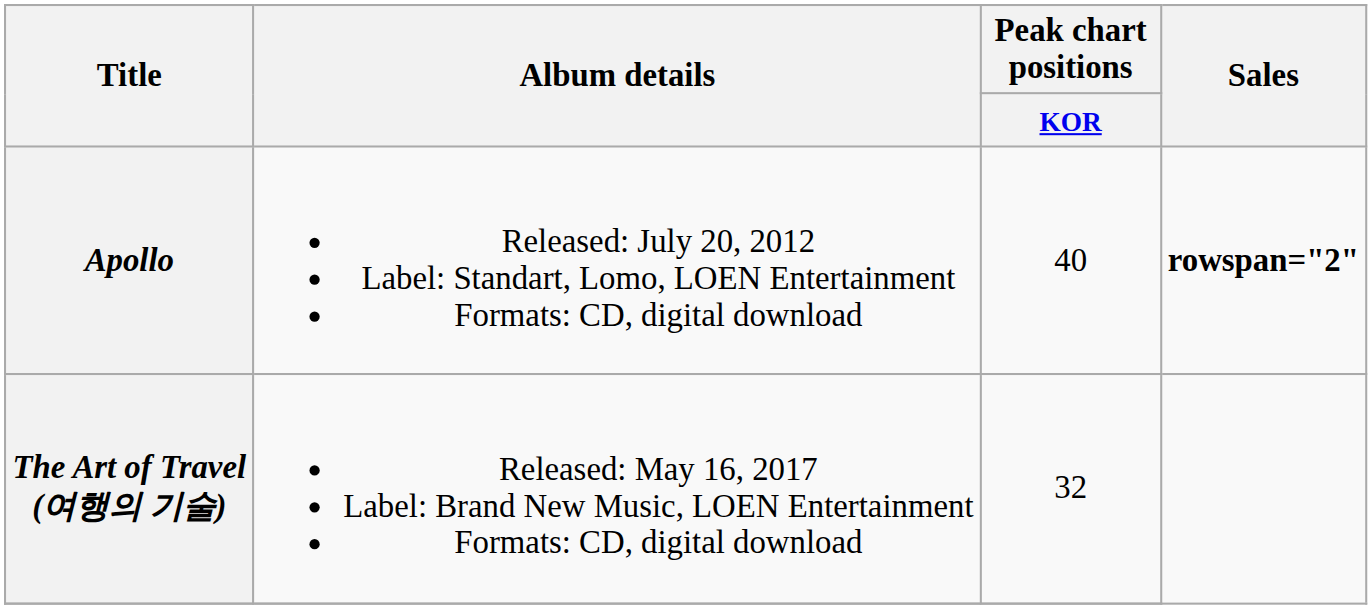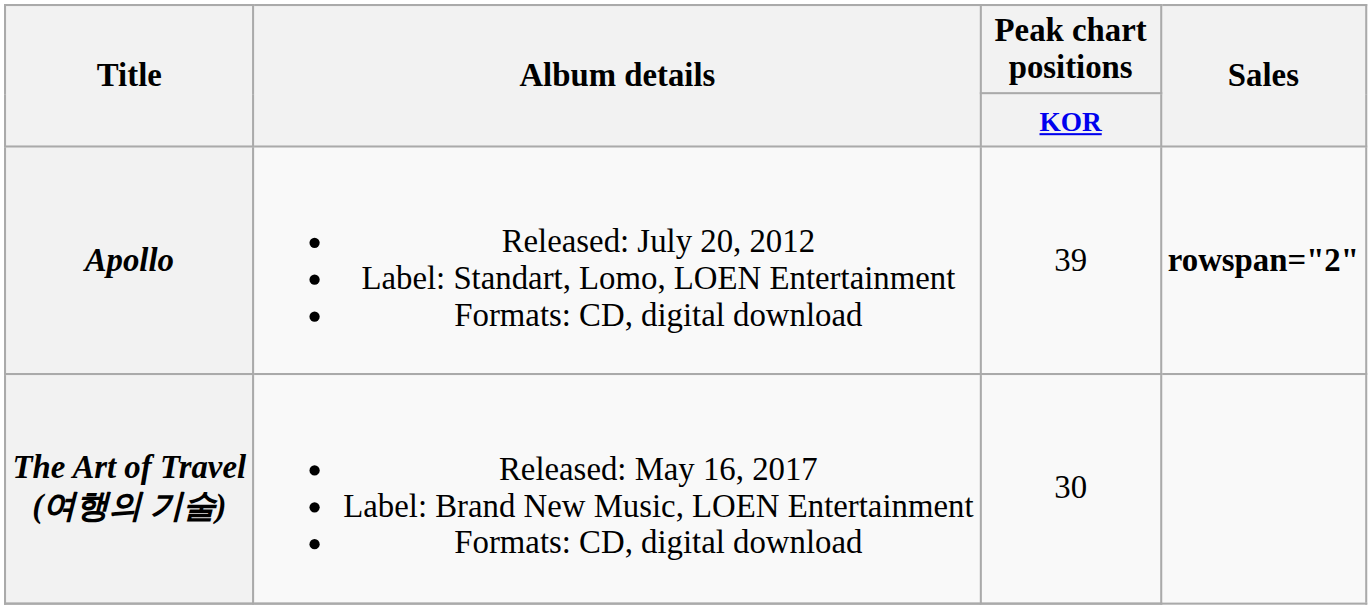 <table class="wikitable plainrowheaders" style="text-align:center;">
 <tr>
 <th rowspan="2" scope="col">Title</th>
 <th rowspan="2" scope="col">Album details</th>
 <th colspan="1" scope="col" style="width:5em;">Peak chart positions</th>
 <th rowspan="2" scope="col">Sales</th>
 </tr>
 <tr>
 <th><small><a href='#'>KOR</a></small><br></th>
 </tr>
 <tr>
 <th scope="row"><em>Apollo</em></th>
 <td><br><ul><li>Released: July 20, 2012</li><li>Label: Standart, Lomo, LOEN Entertainment</li><li>Formats: CD, digital download</li></ul></td>
-<td>40</td>
+<td>39</td>
 <td><strong>rowspan="2" </strong></td>
 </tr>
 <tr>
 <th scope="row"><em>The Art of Travel<br>(여행의 기술)</em></th>
 <td><br><ul><li>Released: May 16, 2017</li><li>Label: Brand New Music, LOEN Entertainment</li><li>Formats: CD, digital download</li></ul></td>
-<td>32</td>
+<td>30</td>
 </tr>
 <tr>
 </tr>
 </table>
